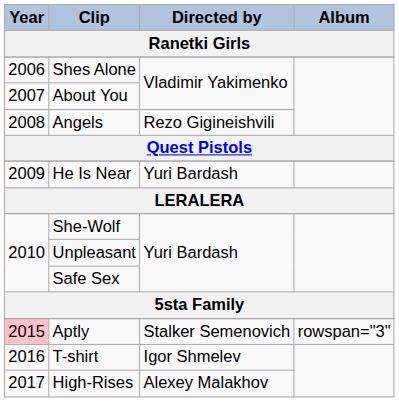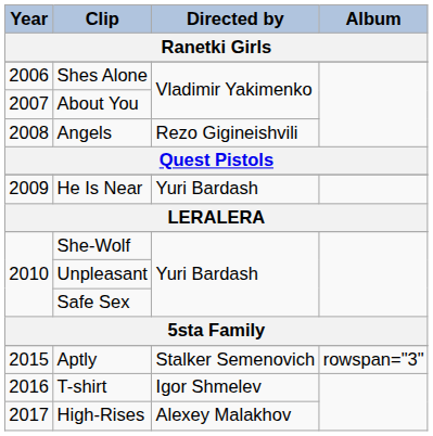 <table class="wikitable">
 <tr>
 <th style="background:#B0C4DE;">Year</th>
 <th style="background:#B0C4DE;">Clip</th>
 <th style="background:#B0C4DE;">Directed by</th>
 <th style="background:#B0C4DE;">Album</th>
 </tr>
 <tr>
 <th colspan=5 class="bright">Ranetki Girls</th>
 </tr>
 <tr>
 </tr>
 <tr ---->
 <td>2006</td>
 <td>Shes Alone</td>
 <td rowspan="2">Vladimir Yakimenko</td>
 <td rowspan="3"></td>
 </tr>
 <tr ---->
 <td>2007</td>
 <td>About You</td>
 </tr>
 <tr ---->
 <td>2008</td>
 <td>Angels</td>
 <td>Rezo Gigineishvili</td>
 </tr>
 <tr>
 <th colspan=5 class="bright"><a href='#'>Quest Pistols</a></th>
 </tr>
 <tr>
 </tr>
 <tr ---->
 <td>2009</td>
 <td>He Is Near</td>
 <td>Yuri Bardash</td>
 <td></td>
 </tr>
 <tr>
 <th colspan=5 class="bright">LERALERA</th>
 </tr>
 <tr>
 </tr>
 <tr ---->
 <td rowspan="3">2010</td>
 <td>She-Wolf</td>
 <td rowspan="3">Yuri Bardash</td>
 <td rowspan="3"></td>
 </tr>
 <tr ---->
 <td>Unpleasant</td>
 </tr>
 <tr ---->
 <td>Safe Sex</td>
 </tr>
 <tr>
 <th colspan=5 class="bright">5sta Family</th>
 </tr>
 <tr>
 </tr>
 <tr ---->
-<td style="background: pink;">2015</td>
+<td>2015</td>
 <td>Aptly</td>
 <td>Stalker Semenovich</td>
 <td>rowspan="3" </td>
 </tr>
 <tr>
 <td>2016</td>
 <td>T-shirt</td>
 <td>Igor Shmelev</td>
 </tr>
 <tr>
 <td>2017</td>
 <td>High-Rises</td>
 <td>Alexey Malakhov</td>
 </tr>
 </table>
